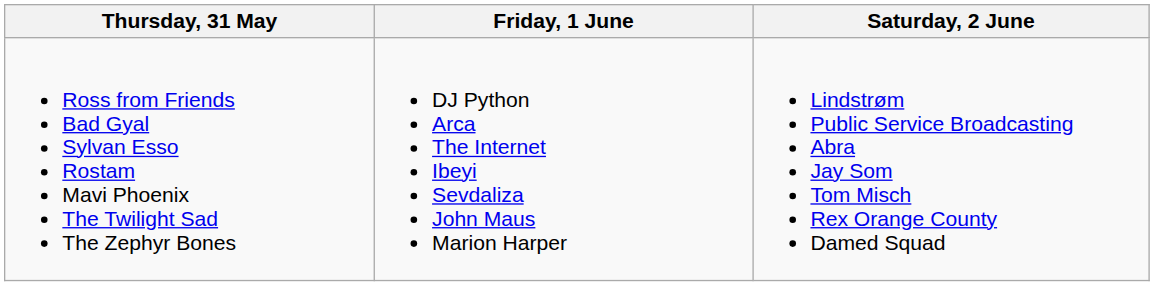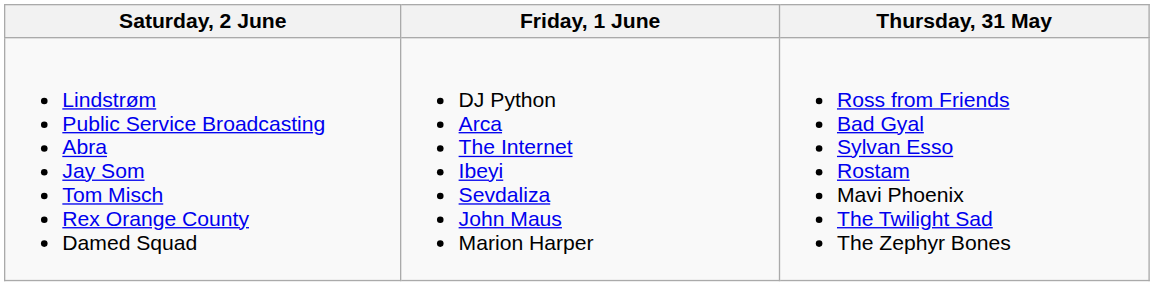 <table class="wikitable">
 <tr>
+<th width="500">Saturday, 2 June</th>
+<th width="500">Friday, 1 June</th>
 <th width="500">Thursday, 31 May</th>
-<th width="500">Friday, 1 June</th>
-<th width="500">Saturday, 2 June</th>
 </tr>
 <tr valign="top">
+<td><br><ul><li><a href='#'>Lindstrøm</a></li><li><a href='#'>Public Service Broadcasting</a></li><li><a href='#'>Abra</a></li><li><a href='#'>Jay Som</a></li><li><a href='#'>Tom Misch</a></li><li><a href='#'>Rex Orange County</a></li><li>Damed Squad</li></ul></td>
+<td><br><ul><li>DJ Python</li><li><a href='#'>Arca</a></li><li><a href='#'>The Internet</a></li><li><a href='#'>Ibeyi</a></li><li><a href='#'>Sevdaliza</a></li><li><a href='#'>John Maus</a></li><li>Marion Harper</li></ul></td>
 <td><br><ul><li><a href='#'>Ross from Friends</a></li><li><a href='#'>Bad Gyal</a></li><li><a href='#'>Sylvan Esso</a></li><li><a href='#'>Rostam</a></li><li>Mavi Phoenix</li><li><a href='#'>The Twilight Sad</a></li><li>The Zephyr Bones</li></ul></td>
-<td><br><ul><li>DJ Python</li><li><a href='#'>Arca</a></li><li><a href='#'>The Internet</a></li><li><a href='#'>Ibeyi</a></li><li><a href='#'>Sevdaliza</a></li><li><a href='#'>John Maus</a></li><li>Marion Harper</li></ul></td>
-<td><br><ul><li><a href='#'>Lindstrøm</a></li><li><a href='#'>Public Service Broadcasting</a></li><li><a href='#'>Abra</a></li><li><a href='#'>Jay Som</a></li><li><a href='#'>Tom Misch</a></li><li><a href='#'>Rex Orange County</a></li><li>Damed Squad</li></ul></td>
 </tr>
 </table>
